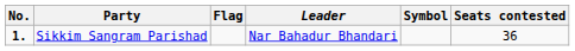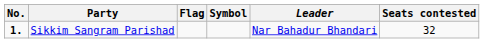 <table class="wikitable">
 <tr>
 <th>No.</th>
 <th>Party</th>
 <th><strong>Flag</strong></th>
+<th>Symbol</th>
 <th><em>Leader</em></th>
-<th>Symbol</th>
 <th>Seats contested</th>
 </tr>
 <tr>
 <td ! style="text-align:center; background:"><strong>1.</strong></td>
 <td style="text-align:center"><a href='#'>Sikkim Sangram Parishad</a></td>
 <td></td>
+<td></td>
 <td style="text-align:center"><a href='#'>Nar Bahadur Bhandari</a></td>
-<td></td>
-<td style="text-align:center">36</td>
+<td style="text-align:center">32</td>
 </tr>
 </table>
